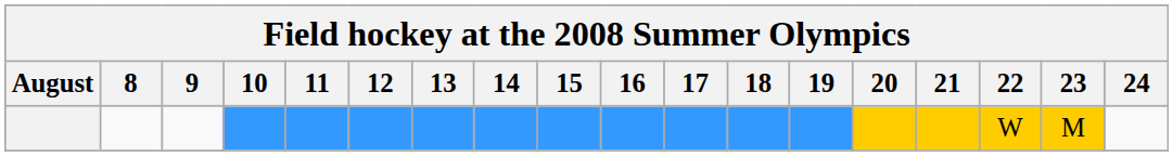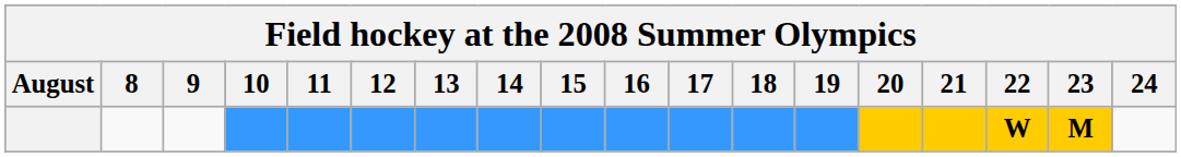 <table class="wikitable" style="margin:0.5em auto;font-size:90%;text-align:center">
 <tr>
 <th colspan="22" style="font-size:130%">Field hockey at the 2008 Summer Olympics</th>
 </tr>
 <tr>
 <th colspan="3">August</th>
 <th style="width:2em">8</th>
 <th style="width:2em">9</th>
 <th style="width:2em">10</th>
 <th style="width:2em">11</th>
 <th style="width:2em">12</th>
 <th style="width:2em">13</th>
 <th style="width:2em">14</th>
 <th style="width:2em">15</th>
 <th style="width:2em">16</th>
 <th style="width:2em">17</th>
 <th style="width:2em">18</th>
 <th style="width:2em">19</th>
 <th style="width:2em">20</th>
 <th style="width:2em">21</th>
 <th style="width:2em">22</th>
 <th style="width:2em">23</th>
 <th style="width:2em">24</th>
 </tr>
 <tr>
 <th colspan="3" align="left"></th>
 <td></td>
 <td></td>
 <td bgcolor="#3399ff"></td>
 <td bgcolor="#3399ff"></td>
 <td bgcolor="#3399ff"></td>
 <td bgcolor="#3399ff"></td>
 <td bgcolor="#3399ff"></td>
 <td bgcolor="#3399ff"></td>
 <td bgcolor="#3399ff"></td>
 <td bgcolor="#3399ff"></td>
 <td bgcolor="#3399ff"></td>
 <td bgcolor="#3399ff"></td>
 <td bgcolor=#ffcc00></td>
 <td bgcolor=#ffcc00></td>
-<td bgcolor=#ffcc00>W</td>
-<td bgcolor=#ffcc00>M</td>
+<td bgcolor=#ffcc00><strong>W</strong></td>
+<td bgcolor=#ffcc00><strong>M</strong></td>
 <td></td>
 </tr>
 </table>
